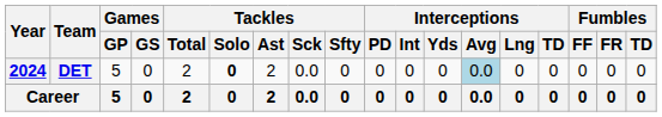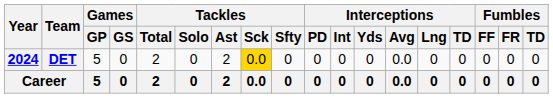 <table class="wikitable" style="text-align:center;">
 <tr>
 <th rowspan="2">Year</th>
 <th rowspan="2">Team</th>
 <th colspan="2">Games</th>
 <th colspan="5">Tackles</th>
 <th colspan="6">Interceptions</th>
 <th colspan="3">Fumbles</th>
 </tr>
 <tr>
 <th>GP</th>
 <th>GS</th>
 <th>Total</th>
 <th>Solo</th>
 <th>Ast</th>
 <th>Sck</th>
 <th>Sfty</th>
 <th>PD</th>
 <th>Int</th>
 <th>Yds</th>
 <th>Avg</th>
 <th>Lng</th>
 <th>TD</th>
 <th>FF</th>
 <th>FR</th>
 <th>TD</th>
 </tr>
 <tr>
 <th><a href='#'>2024</a></th>
 <th><a href='#'>DET</a></th>
 <td>5</td>
 <td>0</td>
 <td>2</td>
-<td><strong>0</strong></td>
+<td>0</td>
 <td>2</td>
-<td>0.0</td>
+<td style="background: gold;">0.0</td>
 <td>0</td>
 <td>0</td>
 <td>0</td>
 <td>0</td>
-<td style="background: lightblue;">0.0</td>
+<td>0.0</td>
 <td>0</td>
 <td>0</td>
 <td>0</td>
 <td>0</td>
 <td>0</td>
 </tr>
 <tr>
 <th colspan="2">Career</th>
 <th>5</th>
 <th>0</th>
 <th>2</th>
 <th>0</th>
 <th>2</th>
 <th>0.0</th>
 <th>0</th>
 <th>0</th>
 <th>0</th>
 <th>0</th>
 <th>0.0</th>
 <th>0</th>
 <th>0</th>
 <th>0</th>
 <th>0</th>
 <th>0</th>
 </tr>
 </table>
